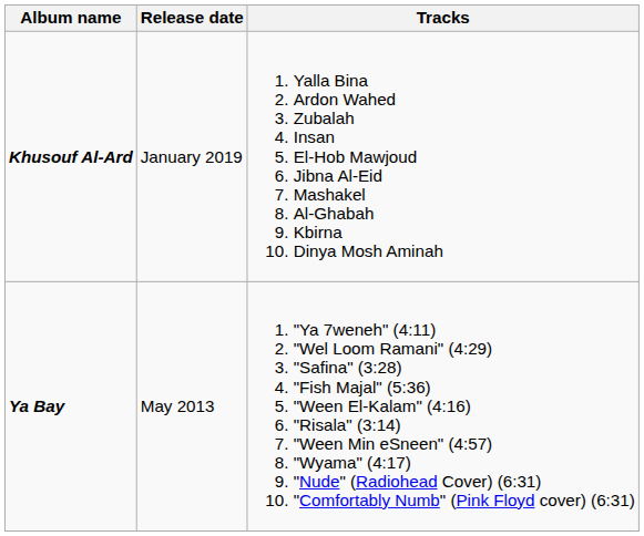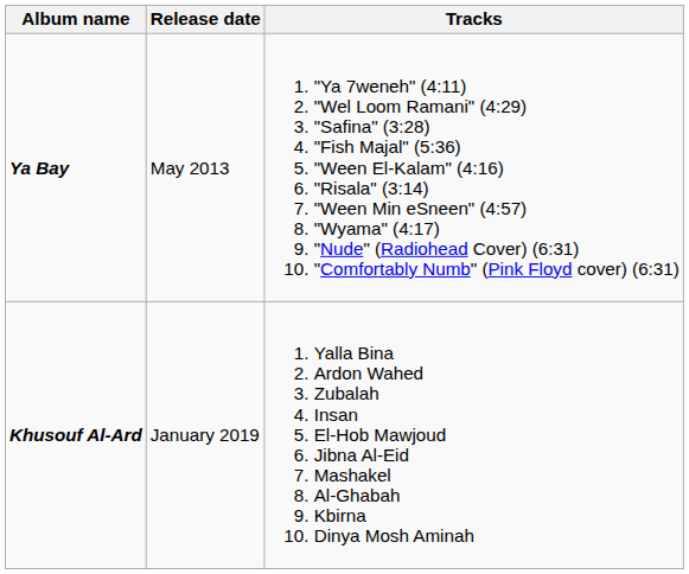 <table class="wikitable">
 <tr>
 <th rowspan="1">Album name</th>
 <th>Release date</th>
 <th rowspan="1">Tracks</th>
 </tr>
 <tr>
+<td><strong><em>Ya Bay</em></strong></td>
+<td>May 2013</td>
+<td><br><ol><li>"Ya 7weneh" (4:11)</li><li>"Wel Loom Ramani" (4:29)</li><li>"Safina" (3:28)</li><li>"Fish Majal" (5:36)</li><li>"Ween El-Kalam" (4:16)</li><li>"Risala" (3:14)</li><li>"Ween Min eSneen" (4:57)</li><li>"Wyama" (4:17)</li><li>"<a href='#'>Nude</a>" (<a href='#'>Radiohead</a> Cover) (6:31)</li><li>"<a href='#'>Comfortably Numb</a>" (<a href='#'>Pink Floyd</a> cover) (6:31)</li></ol></td>
+</tr>
+<tr>
 <td><strong><em>Khusouf Al-Ard</em></strong></td>
 <td>January 2019</td>
 <td><br><ol><li>Yalla Bina</li><li>Ardon Wahed</li><li>Zubalah</li><li>Insan</li><li>El-Hob Mawjoud</li><li>Jibna Al-Eid</li><li>Mashakel</li><li>Al-Ghabah</li><li>Kbirna</li><li>Dinya Mosh Aminah</li></ol></td>
 </tr>
 <tr>
-<td><strong><em>Ya Bay</em></strong></td>
-<td>May 2013</td>
-<td><br><ol><li>"Ya 7weneh" (4:11)</li><li>"Wel Loom Ramani" (4:29)</li><li>"Safina" (3:28)</li><li>"Fish Majal" (5:36)</li><li>"Ween El-Kalam" (4:16)</li><li>"Risala" (3:14)</li><li>"Ween Min eSneen" (4:57)</li><li>"Wyama" (4:17)</li><li>"<a href='#'>Nude</a>" (<a href='#'>Radiohead</a> Cover) (6:31)</li><li>"<a href='#'>Comfortably Numb</a>" (<a href='#'>Pink Floyd</a> cover) (6:31)</li></ol></td>
-</tr>
-<tr>
 </tr>
 </table>
